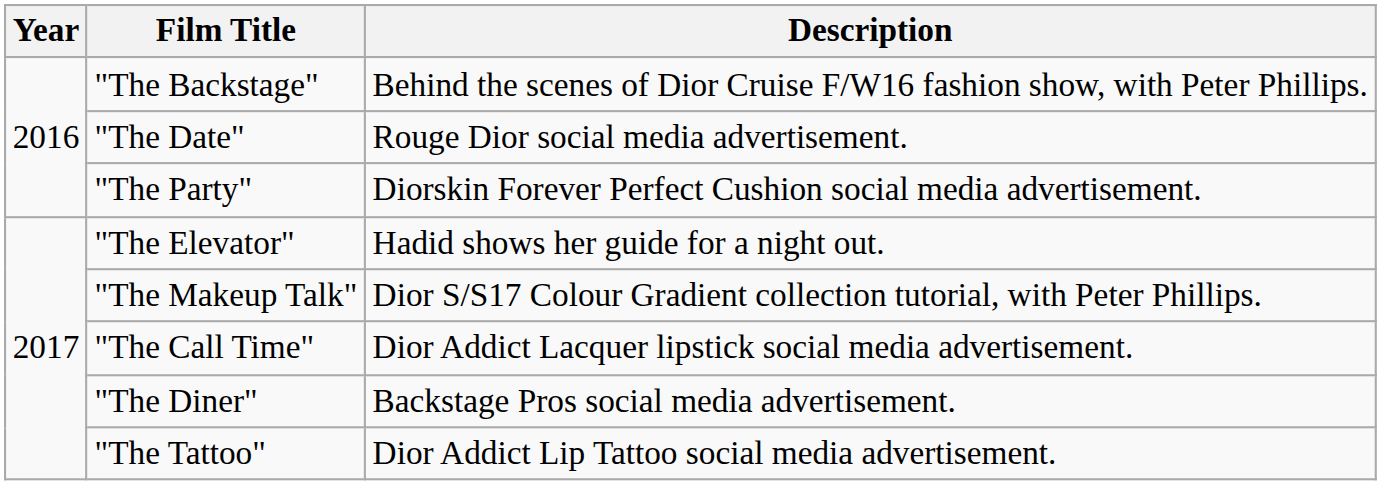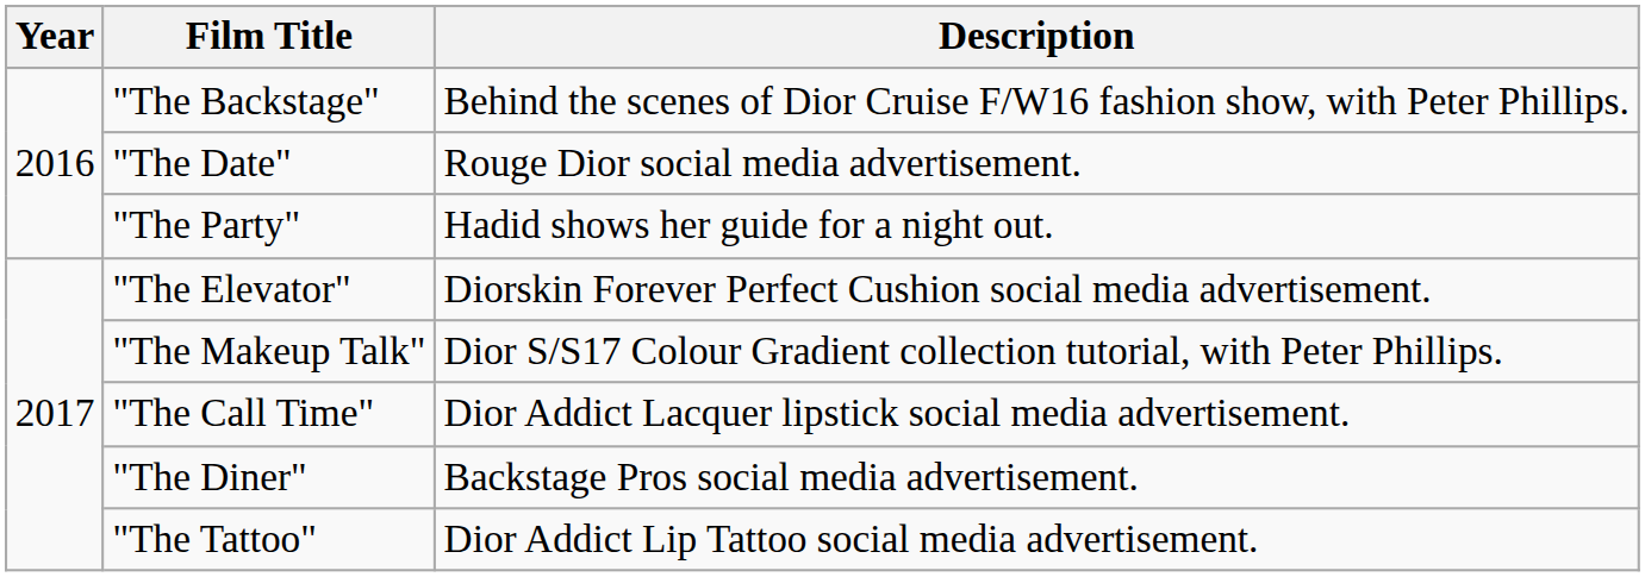 <table class="wikitable">
 <tr>
 <th>Year</th>
 <th>Film Title</th>
 <th>Description</th>
 </tr>
 <tr>
 <td rowspan="3">2016</td>
 <td>"The Backstage"</td>
 <td>Behind the scenes of Dior Cruise F/W16 fashion show, with Peter Phillips.</td>
 </tr>
 <tr>
 <td>"The Date"</td>
 <td>Rouge Dior social media advertisement.</td>
 </tr>
 <tr>
 <td>"The Party"</td>
-<td>Diorskin Forever Perfect Cushion social media advertisement.</td>
+<td>Hadid shows her guide for a night out.</td>
 </tr>
 <tr>
 <td rowspan="5">2017</td>
 <td>"The Elevator"</td>
-<td>Hadid shows her guide for a night out.</td>
+<td>Diorskin Forever Perfect Cushion social media advertisement.</td>
 </tr>
 <tr>
 <td>"The Makeup Talk"</td>
 <td>Dior S/S17 Colour Gradient collection tutorial, with Peter Phillips.</td>
 </tr>
 <tr>
 <td>"The Call Time"</td>
 <td>Dior Addict Lacquer lipstick social media advertisement.</td>
 </tr>
 <tr>
 <td>"The Diner"</td>
 <td>Backstage Pros social media advertisement.</td>
 </tr>
 <tr>
 <td>"The Tattoo"</td>
 <td>Dior Addict Lip Tattoo social media advertisement.</td>
 </tr>
 </table>
